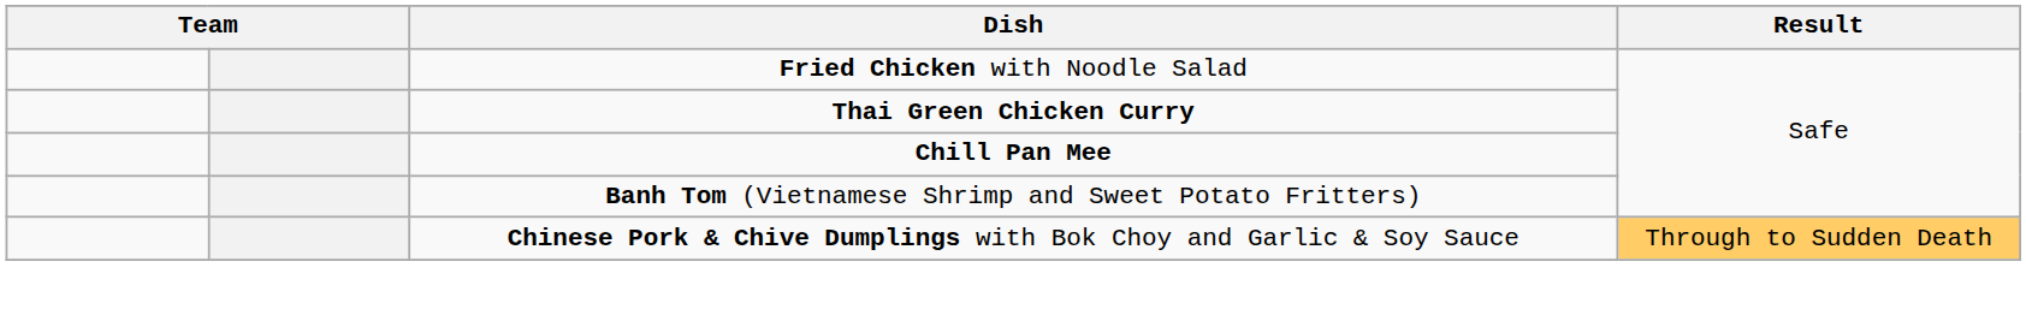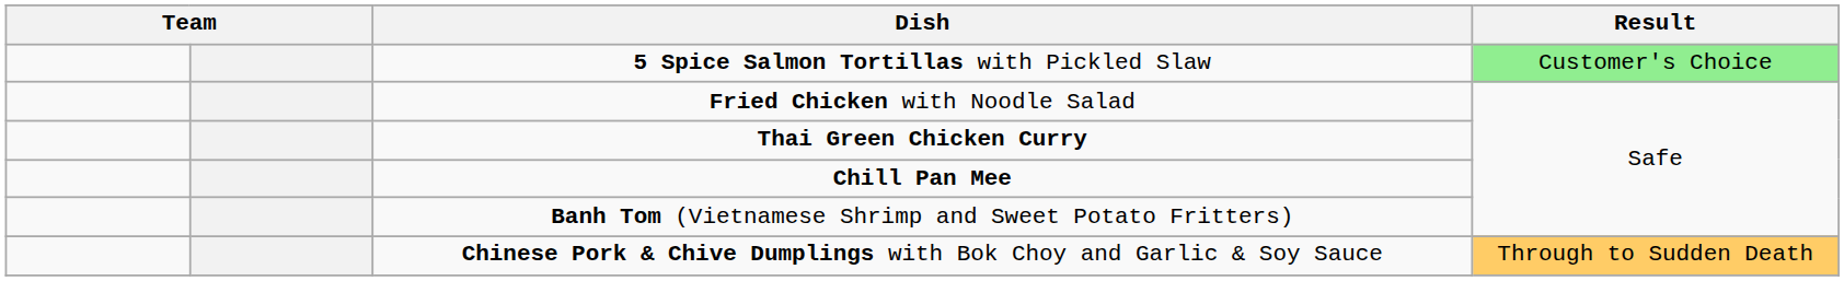 <table class="wikitable plainrowheaders" style="text-align:center; font-size:90%; width:80em; margin-left: auto; margin-right: auto; border: none;">
 <tr>
 <th style="width:20%;" colspan="2">Team</th>
 <th style="width:60%;">Dish</th>
 <th style="width:20%;">Result</th>
+</tr>
+<tr>
+<td></td>
+<th></th>
+<td><strong>5 Spice Salmon Tortillas</strong> with Pickled Slaw</td>
+<td style="background:lightgreen">Customer's Choice</td>
 </tr>
 <tr>
 <td></td>
 <th></th>
 <td><strong>Fried Chicken</strong> with Noodle Salad</td>
 <td rowspan="4">Safe</td>
 </tr>
 <tr>
 <td></td>
 <th></th>
 <td><strong>Thai Green Chicken Curry</strong></td>
 </tr>
 <tr>
 <td></td>
 <th></th>
 <td><strong>Chill Pan Mee</strong></td>
 </tr>
 <tr>
 <td></td>
 <th></th>
 <td><strong>Banh Tom</strong> (Vietnamese Shrimp and Sweet Potato Fritters)</td>
 </tr>
 <tr>
 <td></td>
 <th></th>
 <td><strong>Chinese Pork & Chive Dumplings</strong> with Bok Choy and Garlic & Soy Sauce</td>
 <td style="background:#FFCC66">Through to Sudden Death</td>
 </tr>
 </table>
